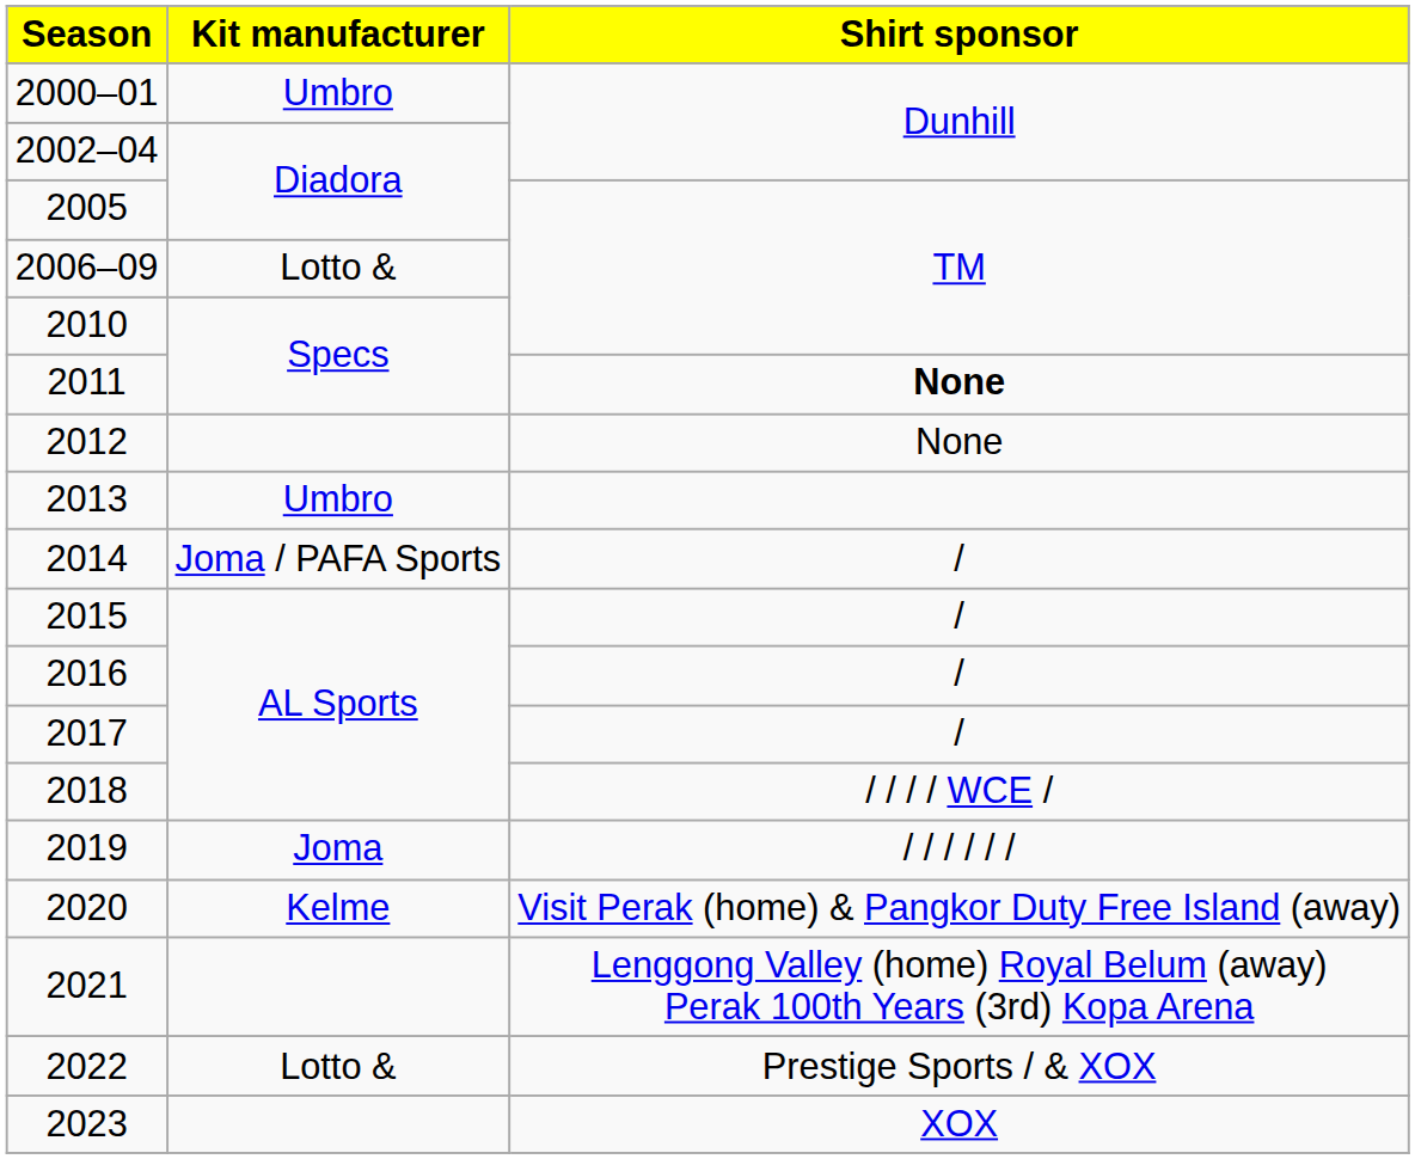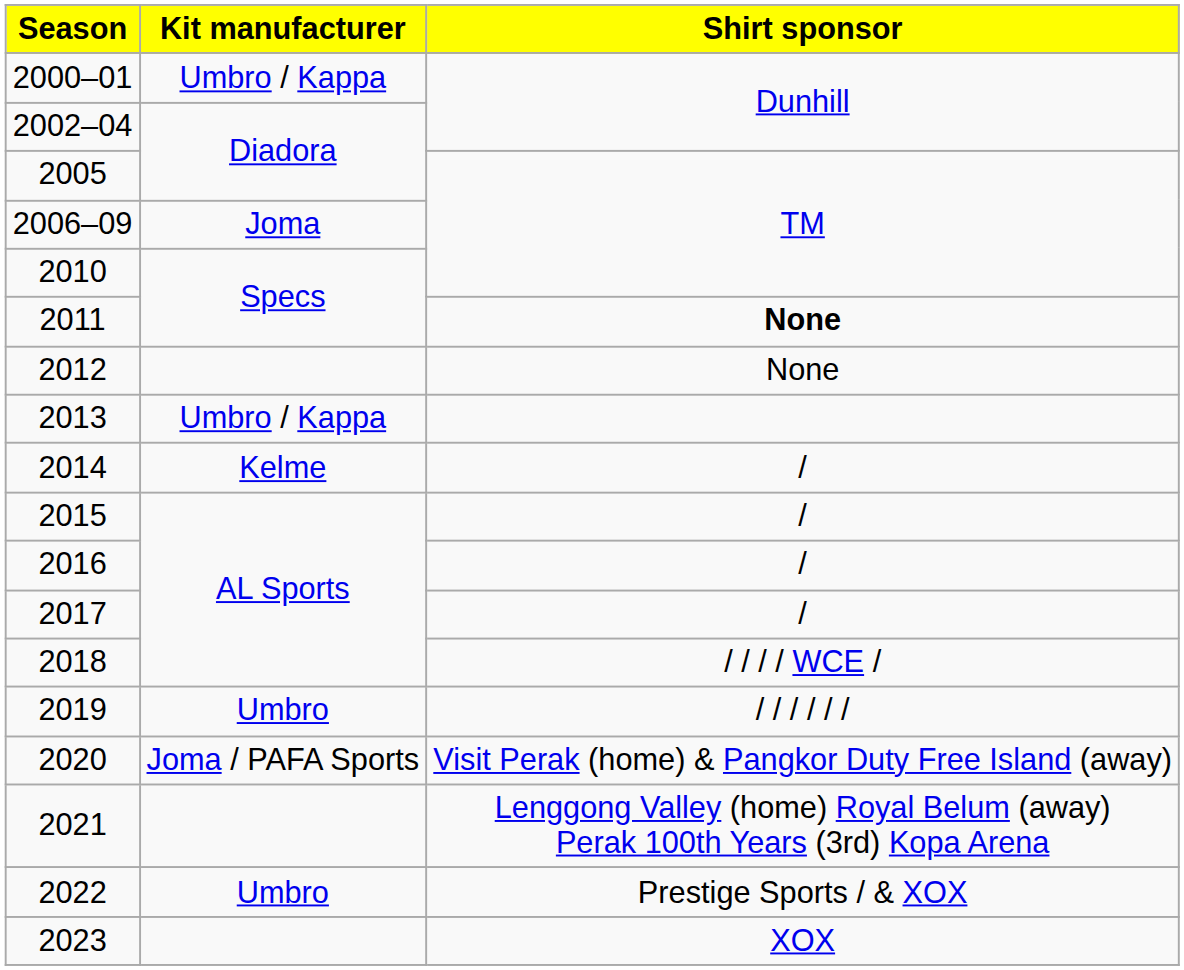 <table class="wikitable" style="text-align:center;margin-left:1em">
 <tr>
 <th style="background:yellow; color:black;">Season</th>
 <th style="background:yellow; color:black;">Kit manufacturer</th>
 <th style="background:yellow; color:black;">Shirt sponsor</th>
 </tr>
 <tr>
 <td>2000–01</td>
-<td><a href='#'>Umbro</a></td>
+<td><a href='#'>Umbro</a> / <a href='#'>Kappa</a></td>
 <td rowspan=2><a href='#'>Dunhill</a></td>
 </tr>
 <tr>
 <td>2002–04</td>
 <td rowspan=2><a href='#'>Diadora</a></td>
 </tr>
 <tr>
 <td>2005</td>
 <td rowspan=3><a href='#'>TM</a></td>
 </tr>
 <tr>
 <td>2006–09</td>
-<td [Lotto Sport Italia>Lotto & </td>
+<td><a href='#'>Joma</a></td>
 </tr>
 <tr>
 <td>2010</td>
 <td rowspan=2><a href='#'>Specs</a></td>
 </tr>
 <tr>
 <td>2011</td>
 <td><strong>None</strong></td>
 </tr>
 <tr>
 <td>2012</td>
 <td></td>
 <td>None</td>
 </tr>
 <tr>
 <td>2013</td>
-<td><a href='#'>Umbro</a></td>
+<td><a href='#'>Umbro</a> / <a href='#'>Kappa</a></td>
 <td></td>
 </tr>
 <tr>
 <td>2014</td>
-<td><a href='#'>Joma</a> / PAFA Sports</td>
+<td><a href='#'>Kelme</a></td>
 <td> / </td>
 </tr>
 <tr>
 <td>2015</td>
 <td rowspan=4><a href='#'>AL Sports</a></td>
 <td> / </td>
 </tr>
 <tr>
 <td>2016</td>
 <td> / </td>
 </tr>
 <tr>
 <td>2017</td>
 <td>  / </td>
 </tr>
 <tr>
 <td>2018</td>
 <td>  /  /  /  / <a href='#'>WCE</a> / </td>
 </tr>
 <tr>
 <td>2019</td>
-<td><a href='#'>Joma</a></td>
+<td><a href='#'>Umbro</a></td>
 <td> /  /  /  /  / / </td>
 </tr>
 <tr>
 <td>2020</td>
-<td><a href='#'>Kelme</a></td>
+<td><a href='#'>Joma</a> / PAFA Sports</td>
 <td><a href='#'>Visit Perak</a> (home) &  <a href='#'>Pangkor Duty Free Island</a> (away)</td>
 </tr>
 <tr>
 <td>2021</td>
 <td></td>
 <td><a href='#'>Lenggong Valley</a> (home) <a href='#'>Royal Belum</a> (away)<br><a href='#'>Perak 100th Years</a> (3rd) <a href='#'>Kopa Arena</a> </td>
 </tr>
 <tr>
 <td>2022</td>
-<td [Lotto Sport Italia>Lotto & </td>
+<td><a href='#'>Umbro</a></td>
 <td>Prestige Sports /  & <a href='#'>XOX</a></td>
 </tr>
 <tr>
 <td>2023</td>
 <td></td>
 <td><a href='#'>XOX</a></td>
 </tr>
 </table>
